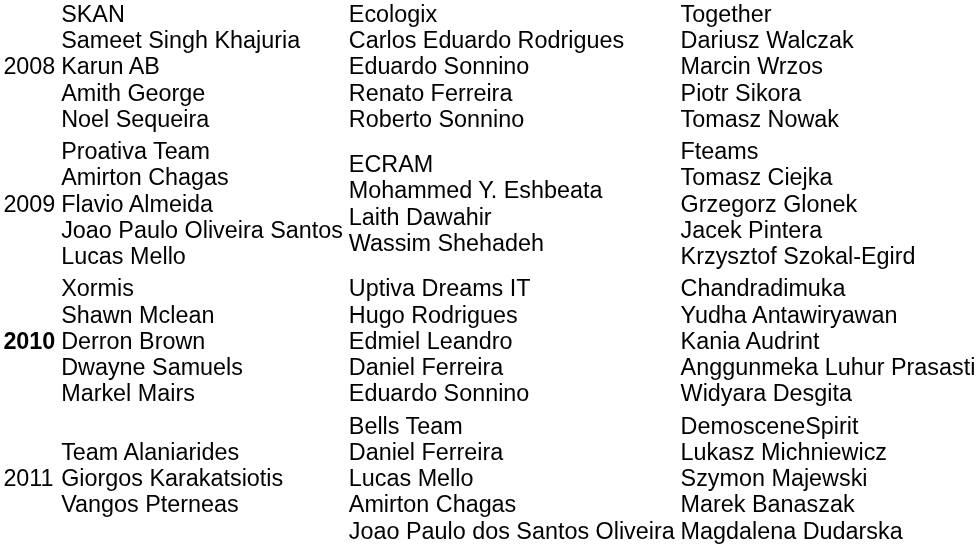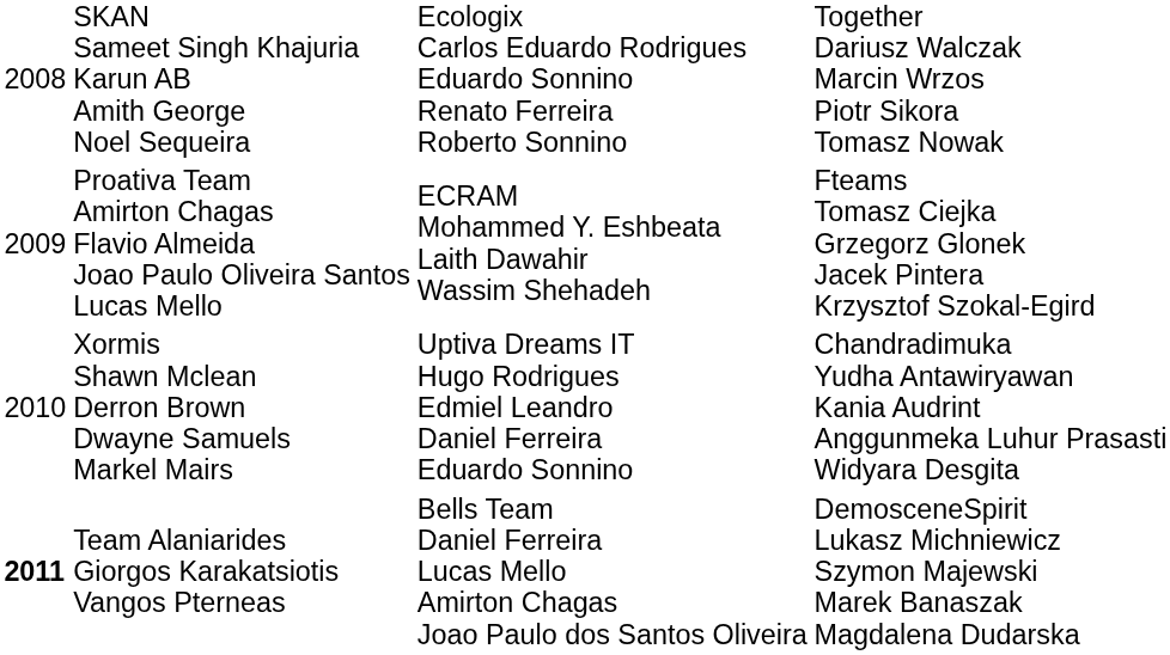 <table>
 <tr>
 <td>2008</td>
 <td> SKAN   <br>Sameet Singh Khajuria<br>Karun AB<br>Amith George<br>Noel Sequeira</td>
 <td> Ecologix  <br>Carlos Eduardo Rodrigues<br>Eduardo Sonnino<br>Renato Ferreira<br>Roberto Sonnino</td>
 <td> Together  <br>Dariusz Walczak<br>Marcin Wrzos<br>Piotr Sikora<br>Tomasz Nowak</td>
 </tr>
 <tr>
 <td>2009 </td>
 <td> Proativa Team <br>Amirton Chagas<br>Flavio Almeida<br>Joao Paulo Oliveira Santos<br>Lucas Mello</td>
 <td> ECRAM <br>Mohammed Y. Eshbeata<br>Laith Dawahir<br>Wassim Shehadeh</td>
 <td> Fteams <br>Tomasz Ciejka<br>Grzegorz Glonek<br>Jacek Pintera<br>Krzysztof Szokal-Egird</td>
 </tr>
 <tr>
-<td><strong>2010 </strong></td>
+<td>2010 </td>
 <td> Xormis <br>Shawn Mclean<br>Derron Brown<br>Dwayne Samuels<br>Markel Mairs</td>
 <td> Uptiva Dreams IT <br>Hugo Rodrigues<br>Edmiel Leandro<br>Daniel Ferreira<br>Eduardo Sonnino</td>
 <td> Chandradimuka <br>Yudha Antawiryawan<br>Kania Audrint<br>Anggunmeka Luhur Prasasti<br>Widyara Desgita</td>
 </tr>
 <tr>
-<td>2011 </td>
+<td><strong>2011 </strong></td>
 <td> Team Alaniarides<br>Giorgos Karakatsiotis<br>Vangos Pterneas</td>
 <td> Bells Team<br>Daniel Ferreira<br>Lucas Mello<br>Amirton Chagas<br>Joao Paulo dos Santos Oliveira</td>
 <td> DemosceneSpirit<br>Lukasz Michniewicz<br>Szymon Majewski<br>Marek Banaszak<br>Magdalena Dudarska</td>
 </tr>
 </table>
